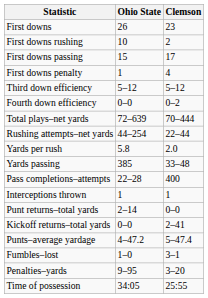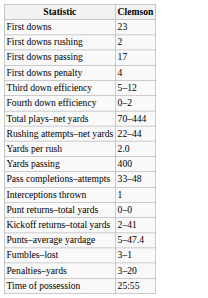 <table class="wikitable">
 <tr>
 <th>Statistic</th>
-<th>Ohio State</th>
 <th>Clemson</th>
 </tr>
 <tr>
 <td>First downs</td>
-<td>26</td>
 <td>23</td>
 </tr>
 <tr>
 <td>First downs rushing</td>
-<td>10</td>
 <td>2</td>
 </tr>
 <tr>
 <td>First downs passing</td>
-<td>15</td>
 <td>17</td>
 </tr>
 <tr>
 <td>First downs penalty</td>
-<td>1</td>
 <td>4</td>
 </tr>
 <tr>
 <td>Third down efficiency</td>
 <td>5–12</td>
-<td>5–12</td>
 </tr>
 <tr>
 <td>Fourth down efficiency</td>
-<td>0–0</td>
 <td>0–2</td>
 </tr>
 <tr>
 <td>Total plays–net yards</td>
-<td>72–639</td>
 <td>70–444</td>
 </tr>
 <tr>
 <td>Rushing attempts–net yards</td>
-<td>44–254</td>
 <td>22–44</td>
 </tr>
 <tr>
 <td>Yards per rush</td>
-<td>5.8</td>
 <td>2.0</td>
 </tr>
 <tr>
 <td>Yards passing</td>
-<td>385</td>
-<td>33–48</td>
+<td>400</td>
 </tr>
 <tr>
 <td>Pass completions–attempts</td>
-<td>22–28</td>
-<td>400</td>
+<td>33–48</td>
 </tr>
 <tr>
 <td>Interceptions thrown</td>
 <td>1</td>
-<td>1</td>
 </tr>
 <tr>
 <td>Punt returns–total yards</td>
-<td>2–14</td>
 <td>0–0</td>
 </tr>
 <tr>
 <td>Kickoff returns–total yards</td>
-<td>0–0</td>
 <td>2–41</td>
 </tr>
 <tr>
 <td>Punts–average yardage</td>
-<td>4–47.2</td>
 <td>5–47.4</td>
 </tr>
 <tr>
 <td>Fumbles–lost</td>
-<td>1–0</td>
 <td>3–1</td>
 </tr>
 <tr>
 <td>Penalties–yards</td>
-<td>9–95</td>
 <td>3–20</td>
 </tr>
 <tr>
 <td>Time of possession</td>
-<td>34:05</td>
 <td>25:55</td>
 </tr>
 </table>
